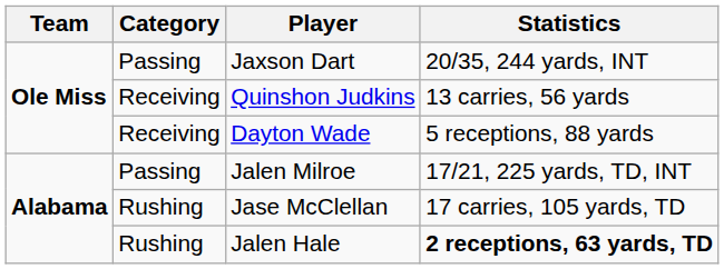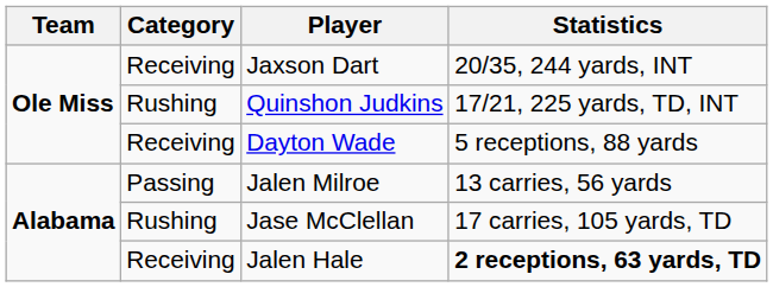 <table class="wikitable" style="float: right;">
 <tr>
 <th>Team</th>
 <th>Category</th>
 <th>Player</th>
 <th>Statistics</th>
 </tr>
 <tr>
 <td rowspan=3><strong>Ole Miss</strong></td>
-<td>Passing</td>
+<td>Receiving</td>
 <td>Jaxson Dart</td>
 <td>20/35, 244 yards, INT</td>
 </tr>
 <tr>
-<td>Receiving</td>
+<td>Rushing</td>
 <td><a href='#'>Quinshon Judkins</a></td>
-<td>13 carries, 56 yards</td>
+<td>17/21, 225 yards, TD, INT</td>
 </tr>
 <tr>
 <td>Receiving</td>
 <td><a href='#'>Dayton Wade</a></td>
 <td>5 receptions, 88 yards</td>
 </tr>
 <tr>
 <td rowspan=3><strong>Alabama</strong></td>
 <td>Passing</td>
 <td>Jalen Milroe</td>
-<td>17/21, 225 yards, TD, INT</td>
+<td>13 carries, 56 yards</td>
 </tr>
 <tr>
 <td>Rushing</td>
 <td>Jase McClellan</td>
 <td>17 carries, 105 yards, TD</td>
 </tr>
 <tr>
-<td>Rushing</td>
+<td>Receiving</td>
 <td>Jalen Hale</td>
 <td><strong>2 receptions, 63 yards, TD</strong></td>
 </tr>
 </table>
